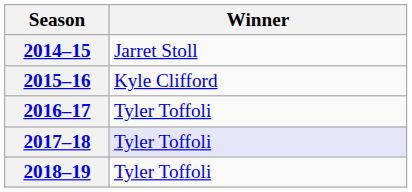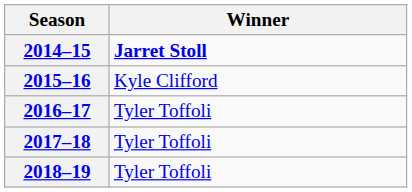 <table class="wikitable">
 <tr>
 <th scope="col" style="width:5em">Season</th>
 <th scope="col" style="width:15em">Winner</th>
 </tr>
 <tr>
 <th scope="row"><a href='#'>2014–15</a></th>
-<td><a href='#'>Jarret Stoll</a></td>
+<td><strong><a href='#'>Jarret Stoll</a></strong></td>
 </tr>
 <tr>
 <th scope="row"><a href='#'>2015–16</a></th>
 <td><a href='#'>Kyle Clifford</a></td>
 </tr>
 <tr>
 <th scope="row"><a href='#'>2016–17</a></th>
 <td><a href='#'>Tyler Toffoli</a></td>
 </tr>
 <tr>
 <th scope="row"><a href='#'>2017–18</a></th>
-<td style="background: lavender;"><a href='#'>Tyler Toffoli</a></td>
+<td><a href='#'>Tyler Toffoli</a></td>
 </tr>
 <tr>
 <th scope="row"><a href='#'>2018–19</a></th>
 <td><a href='#'>Tyler Toffoli</a></td>
 </tr>
 </table>
